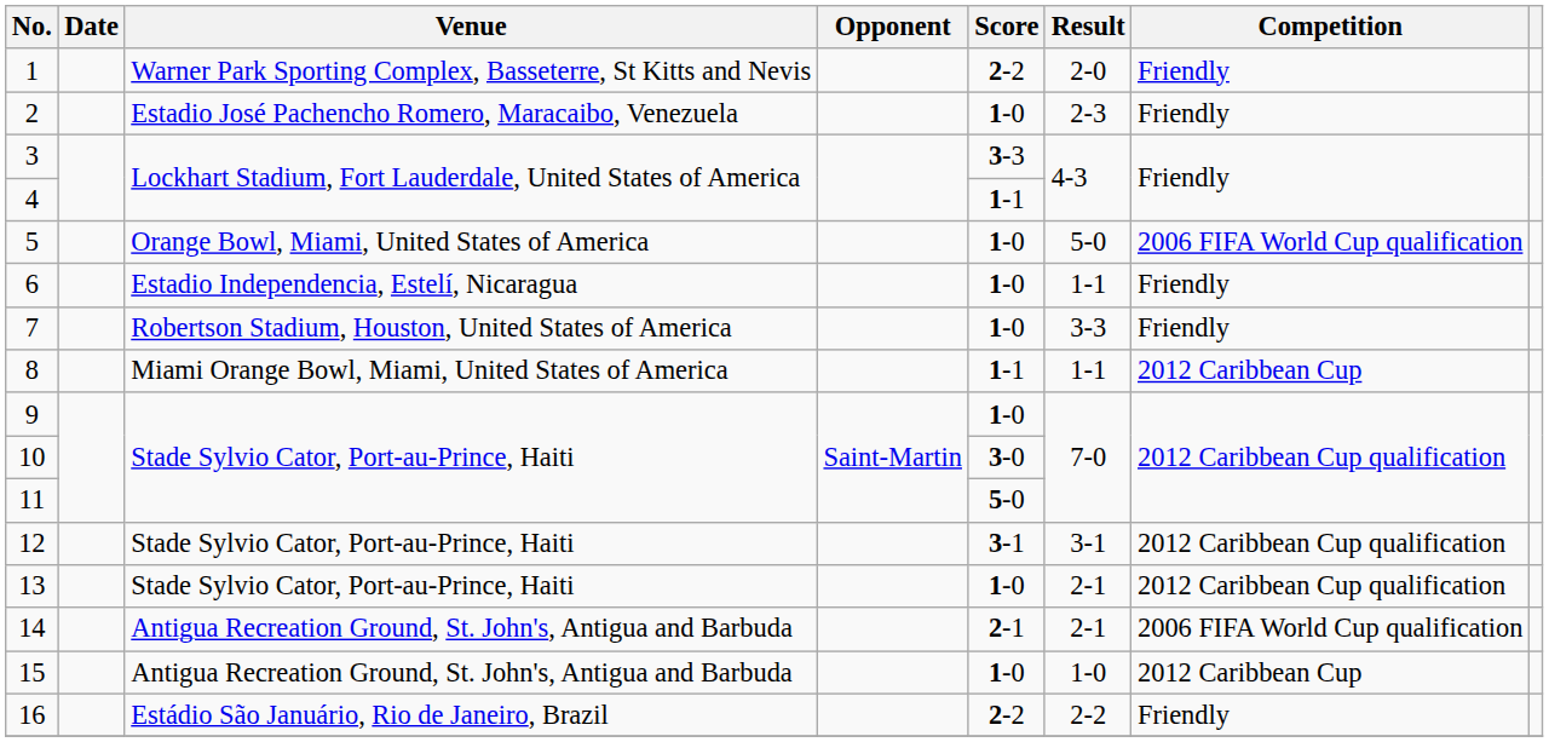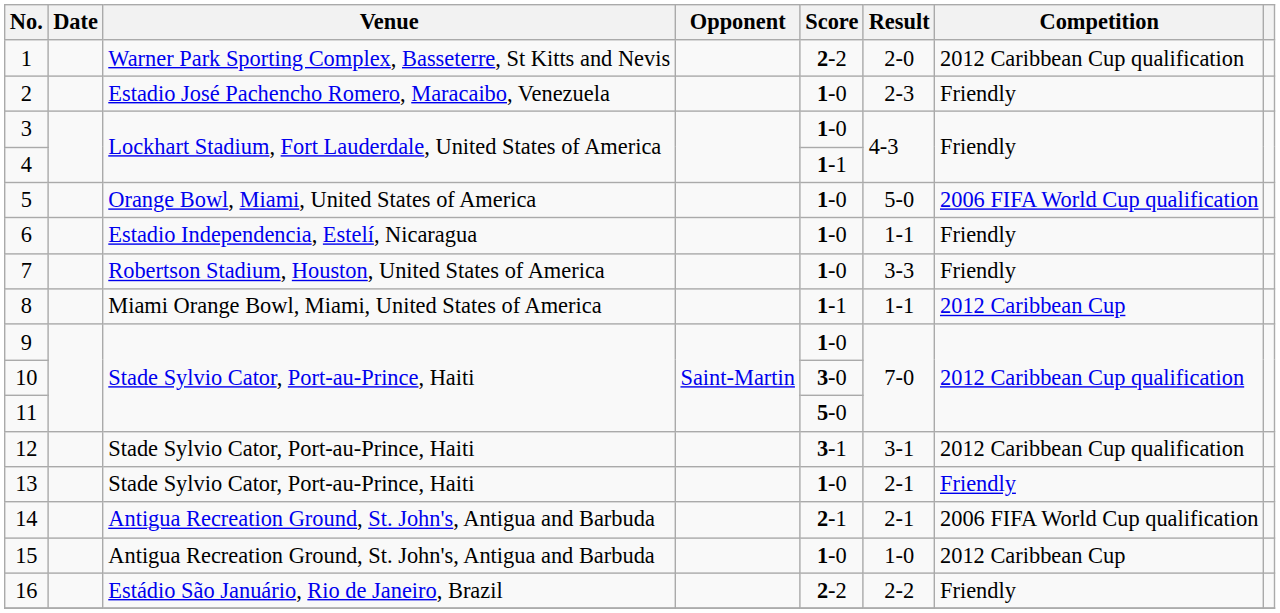 <table class="wikitable sortable">
 <tr>
 <th scope="col">No.</th>
 <th scope="col">Date</th>
 <th scope="col">Venue</th>
 <th scope="col">Opponent</th>
 <th scope="col">Score</th>
 <th scope="col">Result</th>
 <th scope="col">Competition</th>
 <th scope="col" class="unsortable"></th>
 </tr>
 <tr>
 <td style="text-align:center">1</td>
 <td></td>
 <td><a href='#'>Warner Park Sporting Complex</a>, <a href='#'>Basseterre</a>, St Kitts and Nevis</td>
 <td></td>
 <td style="text-align:center"><strong>2</strong>-2</td>
 <td style="text-align:center">2-0</td>
-<td><a href='#'>Friendly</a></td>
+<td>2012 Caribbean Cup qualification</td>
 <td></td>
 </tr>
 <tr>
 <td style="text-align:center">2</td>
 <td></td>
 <td><a href='#'>Estadio José Pachencho Romero</a>, <a href='#'>Maracaibo</a>, Venezuela</td>
 <td></td>
 <td style="text-align:center"><strong>1</strong>-0</td>
 <td style="text-align:center">2-3</td>
 <td>Friendly</td>
 <td></td>
 </tr>
 <tr>
 <td style="text-align:center">3</td>
 <td rowspan="2"></td>
 <td rowspan="2"><a href='#'>Lockhart Stadium</a>, <a href='#'>Fort Lauderdale</a>, United States of America</td>
 <td rowspan="2"></td>
-<td style="text-align:center"><strong>3</strong>-3</td>
+<td style="text-align:center"><strong>1</strong>-0</td>
 <td rowspan="2" style="text align:center">4-3</td>
 <td rowspan="2">Friendly</td>
 <td rowspan="2"></td>
 </tr>
 <tr>
 <td style="text-align:center">4</td>
 <td style="text-align:center"><strong>1</strong>-1</td>
 </tr>
 <tr>
 <td style="text-align:center">5</td>
 <td></td>
 <td><a href='#'>Orange Bowl</a>, <a href='#'>Miami</a>, United States of America</td>
 <td></td>
 <td style="text-align:center"><strong>1</strong>-0</td>
 <td style="text-align:center">5-0</td>
 <td><a href='#'>2006 FIFA World Cup qualification</a></td>
 <td></td>
 </tr>
 <tr>
 <td style="text-align:center">6</td>
 <td></td>
 <td><a href='#'>Estadio Independencia</a>, <a href='#'>Estelí</a>, Nicaragua</td>
 <td></td>
 <td style="text-align:center"><strong>1</strong>-0</td>
 <td style="text-align:center">1-1</td>
 <td>Friendly</td>
 <td></td>
 </tr>
 <tr>
 <td style="text-align:center">7</td>
 <td></td>
 <td><a href='#'>Robertson Stadium</a>, <a href='#'>Houston</a>, United States of America</td>
 <td></td>
 <td style="text-align:center"><strong>1</strong>-0</td>
 <td style="text-align:center">3-3</td>
 <td>Friendly</td>
 <td></td>
 </tr>
 <tr>
 <td style="text-align:center">8</td>
 <td></td>
 <td>Miami Orange Bowl, Miami, United States of America</td>
 <td></td>
 <td style="text-align:center"><strong>1</strong>-1</td>
 <td style="text-align:center">1-1</td>
 <td><a href='#'>2012 Caribbean Cup</a></td>
 <td></td>
 </tr>
 <tr>
 <td style="text-align:center">9</td>
 <td rowspan="3"></td>
 <td rowspan="3"><a href='#'>Stade Sylvio Cator</a>, <a href='#'>Port-au-Prince</a>, Haiti</td>
 <td rowspan="3"> <a href='#'>Saint-Martin</a></td>
 <td style="text-align:center"><strong>1</strong>-0</td>
 <td rowspan="3" style="text-align:center">7-0</td>
 <td rowspan="3"><a href='#'>2012 Caribbean Cup qualification</a></td>
 <td rowspan="3"></td>
 </tr>
 <tr>
 <td style="text-align:center">10</td>
 <td style="text-align:center"><strong>3</strong>-0</td>
 </tr>
 <tr>
 <td style="text-align:center">11</td>
 <td style="text-align:center"><strong>5</strong>-0</td>
 </tr>
 <tr>
 <td style="text-align:center">12</td>
 <td></td>
 <td>Stade Sylvio Cator, Port-au-Prince, Haiti</td>
 <td></td>
 <td style="text-align:center"><strong>3</strong>-1</td>
 <td style="text-align:center">3-1</td>
 <td>2012 Caribbean Cup qualification</td>
 <td></td>
 </tr>
 <tr>
 <td style="text-align:center">13</td>
 <td></td>
 <td>Stade Sylvio Cator, Port-au-Prince, Haiti</td>
 <td></td>
 <td style="text-align:center"><strong>1</strong>-0</td>
 <td style="text-align:center">2-1</td>
-<td>2012 Caribbean Cup qualification</td>
+<td><a href='#'>Friendly</a></td>
 <td></td>
 </tr>
 <tr>
 <td style="text-align:center">14</td>
 <td></td>
 <td><a href='#'>Antigua Recreation Ground</a>, <a href='#'>St. John's</a>, Antigua and Barbuda</td>
 <td></td>
 <td style="text-align:center"><strong>2</strong>-1</td>
 <td style="text-align:center">2-1</td>
 <td>2006 FIFA World Cup qualification</td>
 <td></td>
 </tr>
 <tr>
 <td style="text-align:center">15</td>
 <td></td>
 <td>Antigua Recreation Ground, St. John's, Antigua and Barbuda</td>
 <td></td>
 <td style="text-align:center"><strong>1</strong>-0</td>
 <td style="text-align:center">1-0</td>
 <td>2012 Caribbean Cup</td>
 <td></td>
 </tr>
 <tr>
 <td style="text-align:center">16</td>
 <td></td>
 <td><a href='#'>Estádio São Januário</a>, <a href='#'>Rio de Janeiro</a>, Brazil</td>
 <td></td>
 <td style="text-align:center"><strong>2</strong>-2</td>
 <td style="text-align:center">2-2</td>
 <td>Friendly</td>
 <td></td>
 </tr>
 <tr>
 </tr>
 </table>
